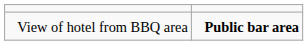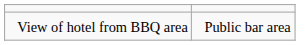 <table class="wikitable" border="0">
 <tr>
 <td></td>
 <td></td>
 </tr>
 <tr>
 <td>  <small>View of hotel from BBQ area</small></td>
-<td><strong>  <small>Public bar area</small></strong></td>
+<td>  <small>Public bar area</small></td>
 </tr>
 </table>
